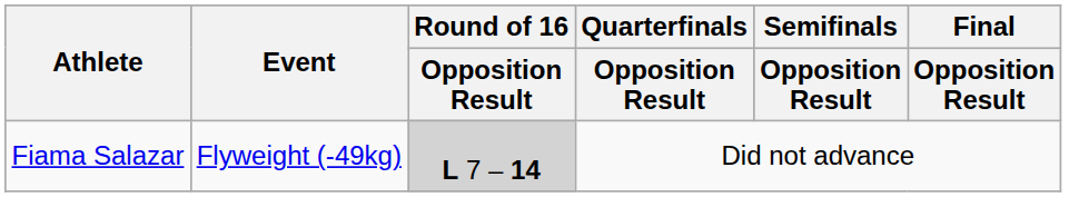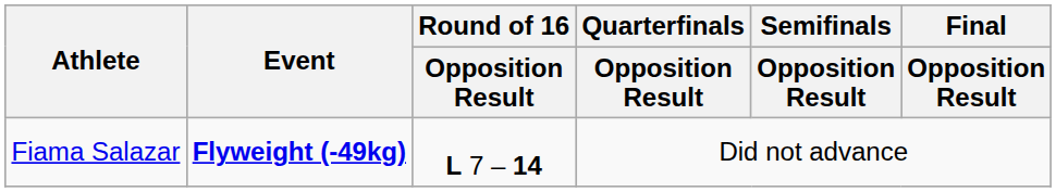 <table class="wikitable" style="font-size:90%">
 <tr>
 <th rowspan="2">Athlete</th>
 <th rowspan="2">Event</th>
 <th>Round of 16</th>
 <th>Quarterfinals</th>
 <th>Semifinals</th>
 <th>Final</th>
 </tr>
 <tr>
 <th>Opposition<br>Result</th>
 <th>Opposition<br>Result</th>
 <th>Opposition<br>Result</th>
 <th>Opposition<br>Result</th>
 </tr>
 <tr>
 <td><a href='#'>Fiama Salazar</a></td>
-<td><a href='#'>Flyweight (-49kg)</a></td>
-<td align=center style="background: lightgrey;"><br><strong>L</strong> 7 – <strong>14</strong></td>
+<td><strong><a href='#'>Flyweight (-49kg)</a></strong></td>
+<td align=center><br><strong>L</strong> 7 – <strong>14</strong></td>
 <td align=center colspan="7">Did not advance</td>
 </tr>
 </table>
